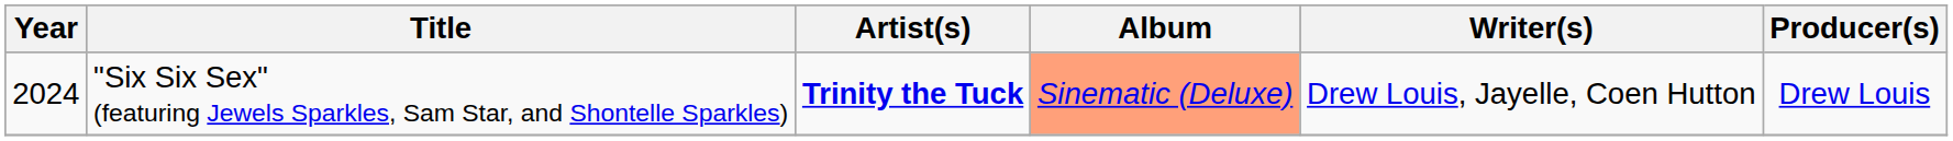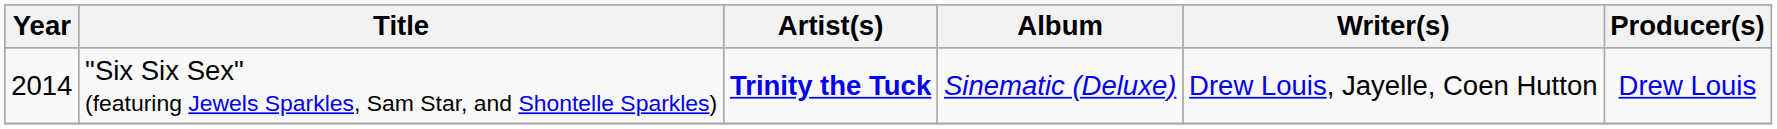 <table class="wikitable">
 <tr>
 <th>Year</th>
 <th>Title</th>
 <th>Artist(s)</th>
 <th>Album</th>
 <th>Writer(s)</th>
 <th>Producer(s)</th>
 </tr>
 <tr>
-<td>2024</td>
+<td>2014</td>
 <td>"Six Six Sex"<br><small>(featuring <a href='#'>Jewels Sparkles</a>, Sam Star, and <a href='#'>Shontelle Sparkles</a>)</small></td>
 <td><strong><a href='#'>Trinity the Tuck</a></strong></td>
-<td style="background: lightsalmon;"><em><a href='#'>Sinematic (Deluxe)</a></em></td>
+<td><em><a href='#'>Sinematic (Deluxe)</a></em></td>
 <td><a href='#'>Drew Louis</a>, Jayelle, Coen Hutton</td>
 <td style="text-align: center;"><a href='#'>Drew Louis</a></td>
 </tr>
 <tr>
 </tr>
 </table>
